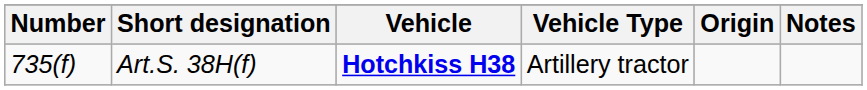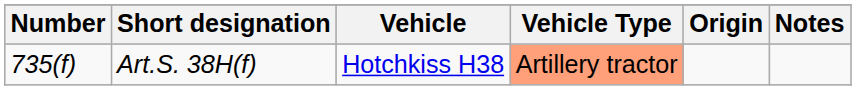 <table class="wikitable sortable">
 <tr>
 </tr>
 <tr>
 <th>Number</th>
 <th>Short designation</th>
 <th>Vehicle</th>
 <th>Vehicle Type</th>
 <th>Origin</th>
 <th>Notes</th>
 </tr>
 <tr>
 <td><em>735(f)</em></td>
 <td><em>Art.S. 38H(f)</em></td>
-<td><strong><a href='#'>Hotchkiss H38</a></strong></td>
-<td>Artillery tractor</td>
+<td><a href='#'>Hotchkiss H38</a></td>
+<td style="background: lightsalmon;">Artillery tractor</td>
 <td></td>
 <td></td>
 </tr>
 </table>
